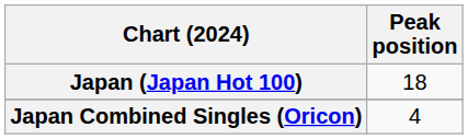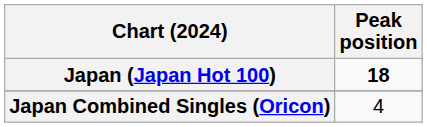 <table class="wikitable sortable plainrowheaders" style="text-align:center">
 <tr>
 <th scope="col">Chart (2024)</th>
 <th scope="col">Peak<br>position</th>
 </tr>
 <tr>
 <th scope="row">Japan (<a href='#'>Japan Hot 100</a>)<br></th>
-<td>18</td>
+<td><strong>18</strong></td>
 </tr>
 <tr>
 </tr>
 <tr>
 <th scope="row">Japan Combined Singles (<a href='#'>Oricon</a>)</th>
 <td>4</td>
 </tr>
 </table>
